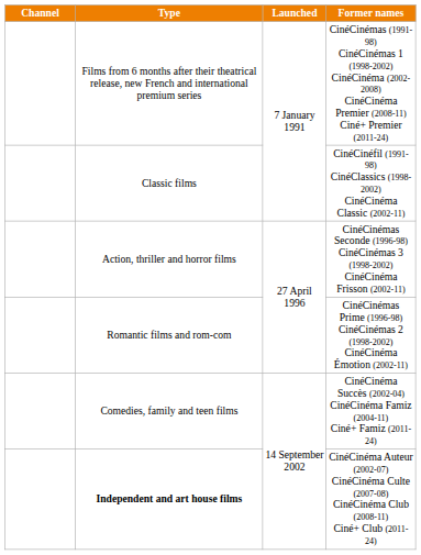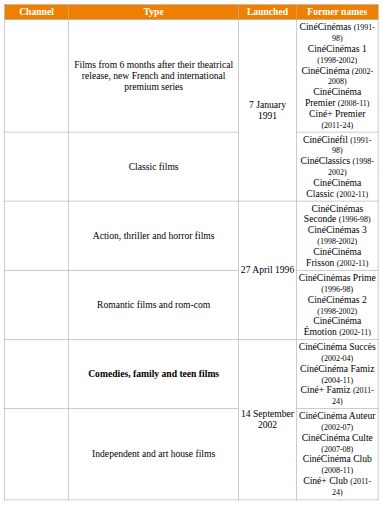 <table class="wikitable" width="100%" style="background-color: #FFFFFF; text-align: center;">
 <tr style="color:white;">
 <th style="background-color: #EE7F01">Channel</th>
 <th style="background-color: #EE7F01">Type</th>
 <th style="background-color: #EE7F01">Launched</th>
 <th style="background-color: #EE7F01">Former names</th>
 </tr>
 <tr>
 <td width="100" align="center"></td>
 <td>Films from 6 months after their theatrical release, new French and international premium series</td>
 <td rowspan="2">7 January 1991</td>
 <td>CinéCinémas <small>(1991-98)</small><br>CinéCinémas 1 <small>(1998-2002)</small><br>CinéCinéma <small>(2002-2008)</small><br>CinéCinéma Premier <small>(2008-11)</small><br>Ciné+ Premier <small>(2011-24)</small></td>
 </tr>
 <tr>
 <td width="100" align="center"></td>
 <td>Classic films</td>
 <td>CinéCinéfil <small>(1991-98)</small><br>CinéClassics <small>(1998-2002)</small><br>CinéCinéma Classic <small>(2002-11)</small></td>
 </tr>
 <tr>
 <td width="100" align="center"></td>
 <td>Action, thriller and horror films</td>
 <td rowspan="2">27 April 1996</td>
 <td>CinéCinémas Seconde <small>(1996-98)</small><br>CinéCinémas 3 <small>(1998-2002)</small><br>CinéCinéma Frisson <small>(2002-11)</small></td>
 </tr>
 <tr>
 <td width="100" align="center"></td>
 <td>Romantic films and rom-com</td>
 <td>CinéCinémas Prime <small>(1996-98)</small><br>CinéCinémas 2 <small>(1998-2002)</small><br>CinéCinéma Émotion <small>(2002-11)</small></td>
 </tr>
 <tr>
 <td width="100" align="center"></td>
-<td>Comedies, family and teen films</td>
+<td><strong>Comedies, family and teen films</strong></td>
 <td rowspan="2">14 September 2002</td>
 <td>CinéCinéma Succès <small>(2002-04)</small><br>CinéCinéma Famiz <small>(2004-11)</small><br>Ciné+ Famiz <small>(2011-24)</small></td>
 </tr>
 <tr>
 <td width="100" align="center"></td>
-<td><strong>Independent and art house films</strong></td>
+<td>Independent and art house films</td>
 <td>CinéCinéma Auteur <small>(2002-07)</small><br>CinéCinéma Culte <small>(2007-08)</small><br>CinéCinéma Club <small>(2008-11)</small><br>Ciné+ Club <small>(2011-24)</small></td>
 </tr>
 </table>
